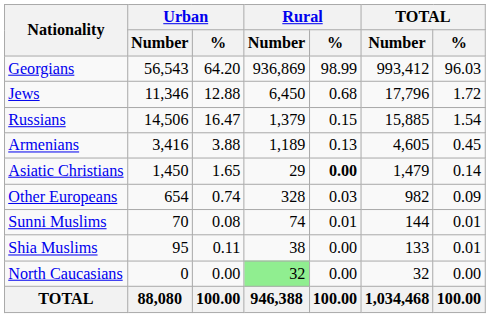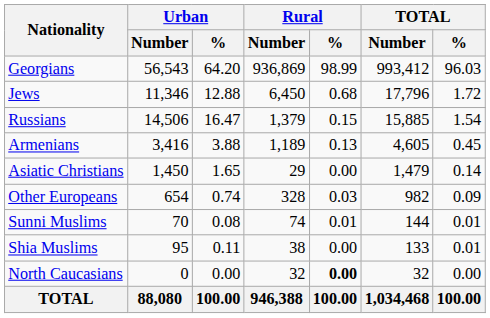 <table class="wikitable sortable">
 <tr>
 <th rowspan="2">Nationality</th>
 <th colspan="2"><a href='#'>Urban</a></th>
 <th colspan="2"><a href='#'>Rural</a></th>
 <th colspan="2">TOTAL</th>
 </tr>
 <tr>
 <th>Number</th>
 <th>%</th>
 <th>Number</th>
 <th>%</th>
 <th>Number</th>
 <th>%</th>
 </tr>
 <tr>
 <td><a href='#'>Georgians</a></td>
 <td align="right">56,543</td>
 <td align="right">64.20</td>
 <td align="right">936,869</td>
 <td align="right">98.99</td>
 <td align="right">993,412</td>
 <td align="right">96.03</td>
 </tr>
 <tr>
 <td><a href='#'>Jews</a></td>
 <td align="right">11,346</td>
 <td align="right">12.88</td>
 <td align="right">6,450</td>
 <td align="right">0.68</td>
 <td align="right">17,796</td>
 <td align="right">1.72</td>
 </tr>
 <tr>
 <td><a href='#'>Russians</a></td>
 <td align="right">14,506</td>
 <td align="right">16.47</td>
 <td align="right">1,379</td>
 <td align="right">0.15</td>
 <td align="right">15,885</td>
 <td align="right">1.54</td>
 </tr>
 <tr>
 <td><a href='#'>Armenians</a></td>
 <td align="right">3,416</td>
 <td align="right">3.88</td>
 <td align="right">1,189</td>
 <td align="right">0.13</td>
 <td align="right">4,605</td>
 <td align="right">0.45</td>
 </tr>
 <tr>
 <td><a href='#'>Asiatic Christians</a></td>
 <td align="right">1,450</td>
 <td align="right">1.65</td>
 <td align="right">29</td>
-<td align="right"><strong>0.00</strong></td>
+<td align="right">0.00</td>
 <td align="right">1,479</td>
 <td align="right">0.14</td>
 </tr>
 <tr>
 <td><a href='#'>Other Europeans</a></td>
 <td align="right">654</td>
 <td align="right">0.74</td>
 <td align="right">328</td>
 <td align="right">0.03</td>
 <td align="right">982</td>
 <td align="right">0.09</td>
 </tr>
 <tr>
 <td><a href='#'>Sunni Muslims</a></td>
 <td align="right">70</td>
 <td align="right">0.08</td>
 <td align="right">74</td>
 <td align="right">0.01</td>
 <td align="right">144</td>
 <td align="right">0.01</td>
 </tr>
 <tr>
 <td><a href='#'>Shia Muslims</a></td>
 <td align="right">95</td>
 <td align="right">0.11</td>
 <td align="right">38</td>
 <td align="right">0.00</td>
 <td align="right">133</td>
 <td align="right">0.01</td>
 </tr>
 <tr>
 <td><a href='#'>North Caucasians</a></td>
 <td align="right">0</td>
 <td align="right">0.00</td>
-<td align="right" style="background: lightgreen;">32</td>
-<td align="right">0.00</td>
+<td align="right">32</td>
+<td align="right"><strong>0.00</strong></td>
 <td align="right">32</td>
 <td align="right">0.00</td>
 </tr>
 <tr>
 <th>TOTAL</th>
 <th>88,080</th>
 <th>100.00</th>
 <th>946,388</th>
 <th>100.00</th>
 <th>1,034,468</th>
 <th>100.00</th>
 </tr>
 </table>
